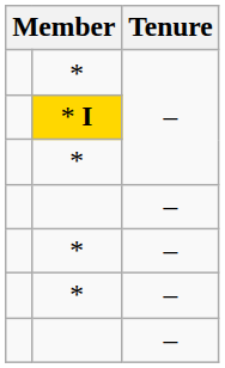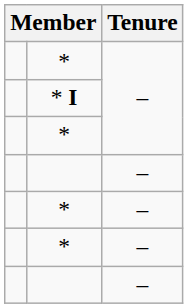 <table class="wikitable sortable" style="text-align:center;">
 <tr>
 <th colspan="2">Member</th>
 <th>Tenure</th>
 </tr>
 <tr>
 <td></td>
 <td>*</td>
 <td rowspan=3>–</td>
 </tr>
 <tr>
 <td></td>
-<td style="background: gold;">* <strong>I</strong></td>
+<td>* <strong>I</strong></td>
 </tr>
 <tr>
 <td></td>
 <td>*</td>
 </tr>
 <tr>
 <td></td>
 <td></td>
 <td>–</td>
 </tr>
 <tr>
 <td></td>
 <td>*</td>
 <td>–</td>
 </tr>
 <tr>
 <td></td>
 <td>*</td>
 <td>–</td>
 </tr>
 <tr>
 <td></td>
 <td></td>
 <td>–</td>
 </tr>
 </table>
